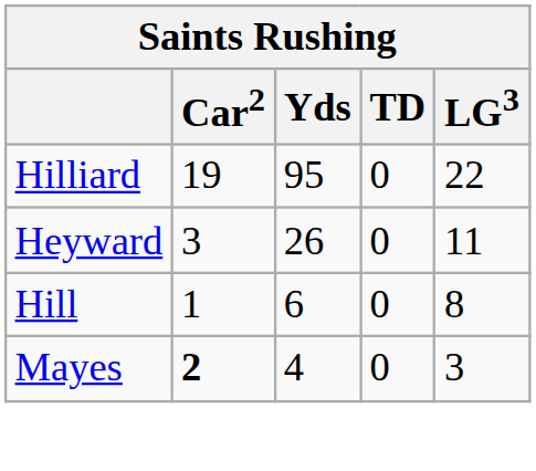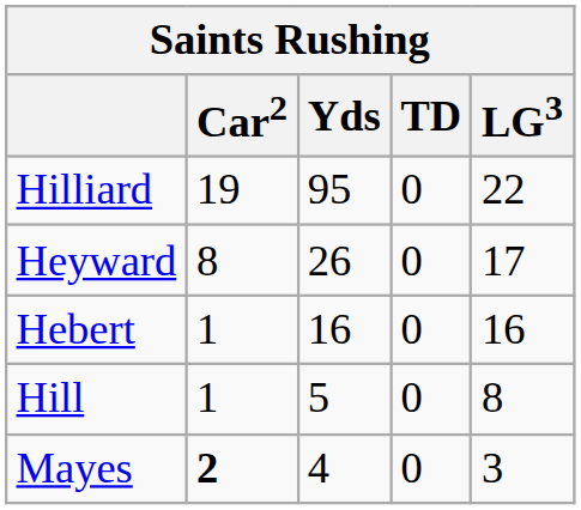 <table class="wikitable">
 <tr>
 <th colspan="5">Saints Rushing</th>
 </tr>
 <tr>
 <th></th>
 <th>Car<sup>2</sup></th>
 <th>Yds</th>
 <th>TD</th>
 <th>LG<sup>3</sup></th>
 </tr>
 <tr>
 <td><a href='#'>Hilliard</a></td>
 <td>19</td>
 <td>95</td>
 <td>0</td>
 <td>22</td>
 </tr>
 <tr>
 <td><a href='#'>Heyward</a></td>
-<td>3</td>
+<td>8</td>
 <td>26</td>
 <td>0</td>
-<td>11</td>
+<td>17</td>
+</tr>
+<tr>
+<td><a href='#'>Hebert</a></td>
+<td>1</td>
+<td>16</td>
+<td>0</td>
+<td>16</td>
 </tr>
 <tr>
 <td><a href='#'>Hill</a></td>
 <td>1</td>
-<td>6</td>
+<td>5</td>
 <td>0</td>
 <td>8</td>
 </tr>
 <tr>
 <td><a href='#'>Mayes</a></td>
 <td><strong>2</strong></td>
 <td>4</td>
 <td>0</td>
 <td>3</td>
 </tr>
 </table>
